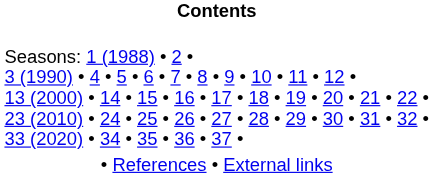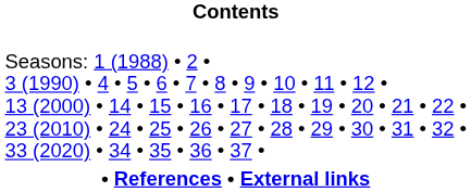 <table id="toc" class="toc" summary="Contents">
 <tr>
 <td style="text-align: center;"><strong>Contents</strong></td>
 </tr>
 <tr>
 <td><br>Seasons: <a href='#'>1 (1988)</a> • <a href='#'>2</a> •<br> <a href='#'>3 (1990)</a> • <a href='#'>4</a> • <a href='#'>5</a> • <a href='#'>6</a> • <a href='#'>7</a> • <a href='#'>8</a> • <a href='#'>9</a> • <a href='#'>10</a> • <a href='#'>11</a> • <a href='#'>12</a> •<br> <a href='#'>13 (2000)</a> • <a href='#'>14</a> • <a href='#'>15</a> • <a href='#'>16</a> • <a href='#'>17</a> • <a href='#'>18</a> • <a href='#'>19</a> • <a href='#'>20</a> • <a href='#'>21</a> • <a href='#'>22</a> •<br> <a href='#'>23 (2010)</a> • <a href='#'>24</a> • <a href='#'>25</a> • <a href='#'>26</a> • <a href='#'>27</a> • <a href='#'>28</a> • <a href='#'>29</a> • <a href='#'>30</a> • <a href='#'>31</a> • <a href='#'>32</a> •<br> <a href='#'>33 (2020)</a> • <a href='#'>34</a> • <a href='#'>35</a> • <a href='#'>36</a> • <a href='#'>37</a> •</td>
 </tr>
 <tr>
-<td style="text-align: center;">• <a href='#'>References</a> • <a href='#'>External links</a></td>
+<td style="text-align: center;"><strong>• <a href='#'>References</a> • <a href='#'>External links</a></strong></td>
 </tr>
 </table>
